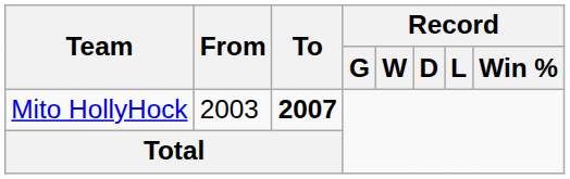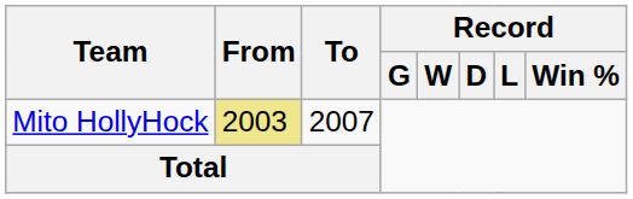 <table class="wikitable" style="text-align: center">
 <tr>
 <th rowspan="2">Team</th>
 <th rowspan="2">From</th>
 <th rowspan="2">To</th>
 <th colspan="5">Record</th>
 </tr>
 <tr>
 <th>G</th>
 <th>W</th>
 <th>D</th>
 <th>L</th>
 <th>Win %</th>
 </tr>
 <tr>
 <td align="left"><a href='#'>Mito HollyHock</a></td>
-<td align="left">2003</td>
-<td align="left"><strong>2007<br></strong></td>
+<td align="left" style="background: khaki;">2003</td>
+<td align="left">2007<br></td>
 </tr>
 <tr>
 <th colspan="3">Total<br></th>
 </tr>
 </table>
